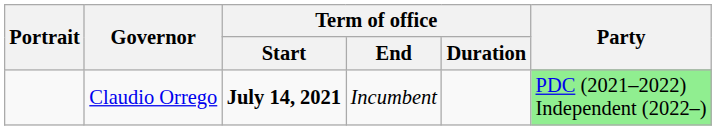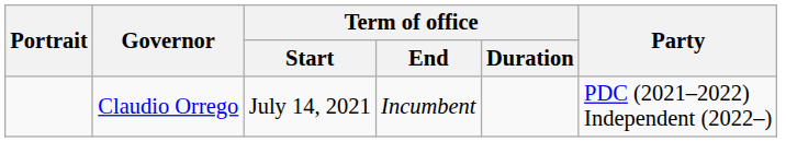 <table class="wikitable">
 <tr>
 <th rowspan="2">Portrait</th>
 <th rowspan="2">Governor</th>
 <th colspan="3">Term of office</th>
 <th rowspan="2">Party</th>
 </tr>
 <tr>
 <th>Start</th>
 <th>End</th>
 <th>Duration</th>
 </tr>
 <tr>
 <td></td>
 <td><a href='#'>Claudio Orrego</a></td>
-<td><strong>July 14, 2021</strong></td>
+<td>July 14, 2021</td>
 <td><em>Incumbent</em></td>
 <td></td>
-<td style="background: lightgreen;"><a href='#'>PDC</a> (2021–2022)<br>Independent (2022–)</td>
+<td><a href='#'>PDC</a> (2021–2022)<br>Independent (2022–)</td>
 </tr>
 </table>
